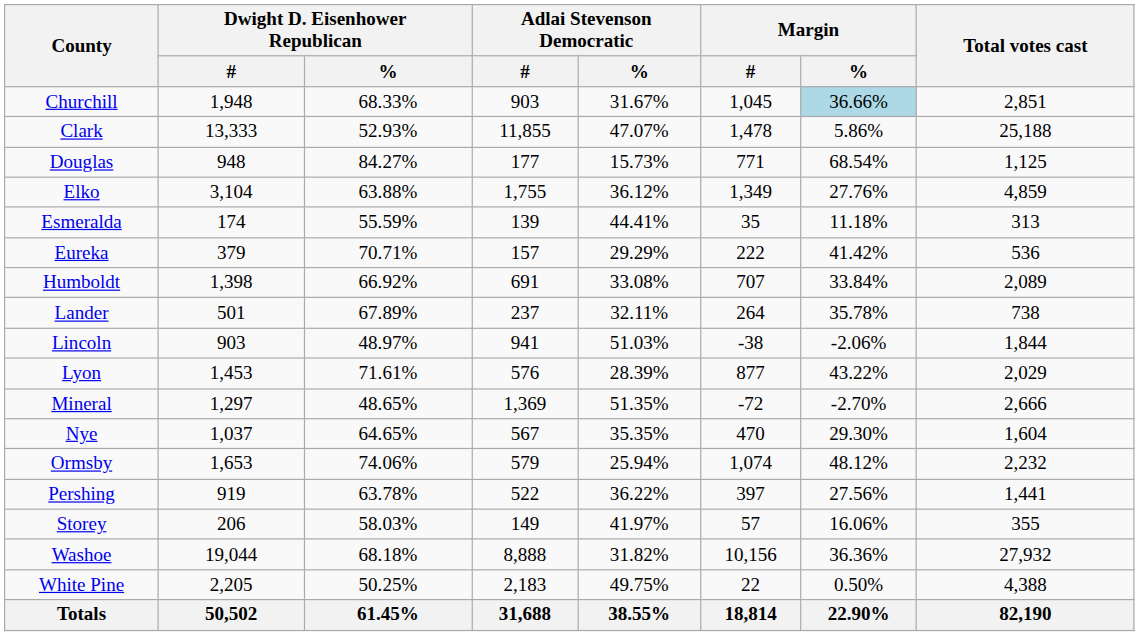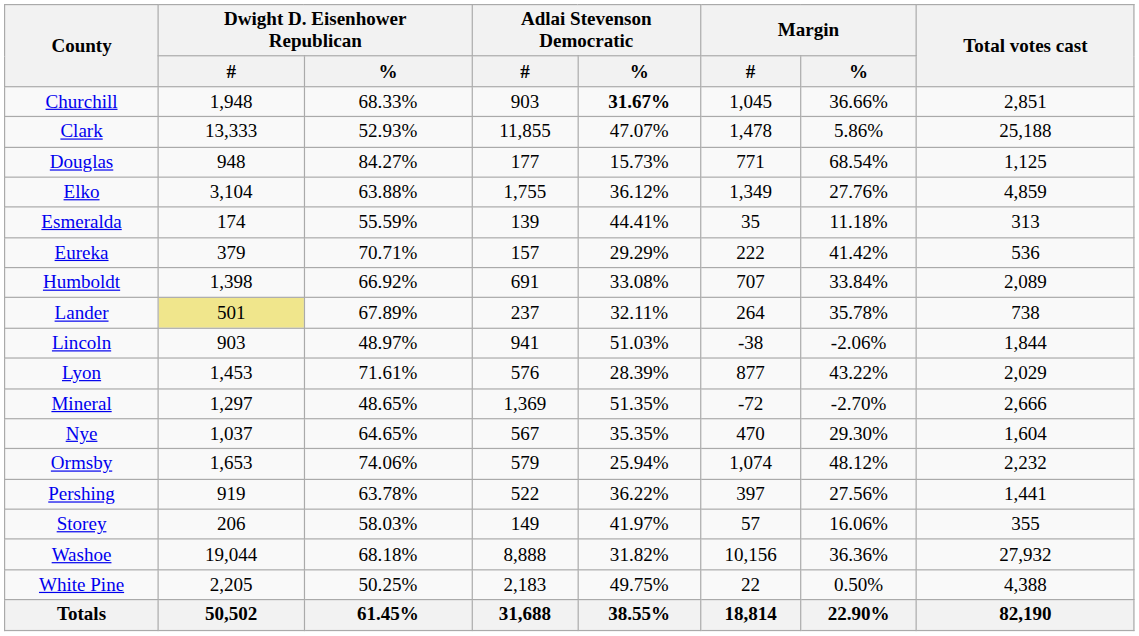 <table width="60%" class="wikitable sortable" style="text-align:center">
 <tr>
 <th style="text-align:center;" rowspan="2">County</th>
 <th colspan="2" style="text-align:center;">Dwight D. Eisenhower<br>Republican</th>
 <th colspan="2" style="text-align:center;">Adlai Stevenson<br>Democratic</th>
 <th style="text-align:center;" colspan="2">Margin</th>
 <th rowspan="2" style="text-align:center;">Total votes cast</th>
 </tr>
 <tr>
 <th style="text-align:center;" data-sort-type="number">#</th>
 <th style="text-align:center;" data-sort-type="number">%</th>
 <th style="text-align:center;" data-sort-type="number">#</th>
 <th style="text-align:center;" data-sort-type="number">%</th>
 <th style="text-align:center;" data-sort-type="number">#</th>
 <th style="text-align:center;" data-sort-type="number">%</th>
 </tr>
 <tr style="text-align:center;">
 <td><a href='#'>Churchill</a></td>
 <td>1,948</td>
 <td>68.33%</td>
 <td>903</td>
-<td>31.67%</td>
+<td><strong>31.67%</strong></td>
 <td>1,045</td>
-<td style="background: lightblue;">36.66%</td>
+<td>36.66%</td>
 <td>2,851</td>
 </tr>
 <tr style="text-align:center;">
 <td><a href='#'>Clark</a></td>
 <td>13,333</td>
 <td>52.93%</td>
 <td>11,855</td>
 <td>47.07%</td>
 <td>1,478</td>
 <td>5.86%</td>
 <td>25,188</td>
 </tr>
 <tr style="text-align:center;">
 <td><a href='#'>Douglas</a></td>
 <td>948</td>
 <td>84.27%</td>
 <td>177</td>
 <td>15.73%</td>
 <td>771</td>
 <td>68.54%</td>
 <td>1,125</td>
 </tr>
 <tr style="text-align:center;">
 <td><a href='#'>Elko</a></td>
 <td>3,104</td>
 <td>63.88%</td>
 <td>1,755</td>
 <td>36.12%</td>
 <td>1,349</td>
 <td>27.76%</td>
 <td>4,859</td>
 </tr>
 <tr style="text-align:center;">
 <td><a href='#'>Esmeralda</a></td>
 <td>174</td>
 <td>55.59%</td>
 <td>139</td>
 <td>44.41%</td>
 <td>35</td>
 <td>11.18%</td>
 <td>313</td>
 </tr>
 <tr style="text-align:center;">
 <td><a href='#'>Eureka</a></td>
 <td>379</td>
 <td>70.71%</td>
 <td>157</td>
 <td>29.29%</td>
 <td>222</td>
 <td>41.42%</td>
 <td>536</td>
 </tr>
 <tr style="text-align:center;">
 <td><a href='#'>Humboldt</a></td>
 <td>1,398</td>
 <td>66.92%</td>
 <td>691</td>
 <td>33.08%</td>
 <td>707</td>
 <td>33.84%</td>
 <td>2,089</td>
 </tr>
 <tr style="text-align:center;">
 <td><a href='#'>Lander</a></td>
-<td>501</td>
+<td style="background: khaki;">501</td>
 <td>67.89%</td>
 <td>237</td>
 <td>32.11%</td>
 <td>264</td>
 <td>35.78%</td>
 <td>738</td>
 </tr>
 <tr style="text-align:center;">
 <td><a href='#'>Lincoln</a></td>
 <td>903</td>
 <td>48.97%</td>
 <td>941</td>
 <td>51.03%</td>
 <td>-38</td>
 <td>-2.06%</td>
 <td>1,844</td>
 </tr>
 <tr style="text-align:center;">
 <td><a href='#'>Lyon</a></td>
 <td>1,453</td>
 <td>71.61%</td>
 <td>576</td>
 <td>28.39%</td>
 <td>877</td>
 <td>43.22%</td>
 <td>2,029</td>
 </tr>
 <tr style="text-align:center;">
 <td><a href='#'>Mineral</a></td>
 <td>1,297</td>
 <td>48.65%</td>
 <td>1,369</td>
 <td>51.35%</td>
 <td>-72</td>
 <td>-2.70%</td>
 <td>2,666</td>
 </tr>
 <tr style="text-align:center;">
 <td><a href='#'>Nye</a></td>
 <td>1,037</td>
 <td>64.65%</td>
 <td>567</td>
 <td>35.35%</td>
 <td>470</td>
 <td>29.30%</td>
 <td>1,604</td>
 </tr>
 <tr style="text-align:center;">
 <td><a href='#'>Ormsby</a></td>
 <td>1,653</td>
 <td>74.06%</td>
 <td>579</td>
 <td>25.94%</td>
 <td>1,074</td>
 <td>48.12%</td>
 <td>2,232</td>
 </tr>
 <tr style="text-align:center;">
 <td><a href='#'>Pershing</a></td>
 <td>919</td>
 <td>63.78%</td>
 <td>522</td>
 <td>36.22%</td>
 <td>397</td>
 <td>27.56%</td>
 <td>1,441</td>
 </tr>
 <tr style="text-align:center;">
 <td><a href='#'>Storey</a></td>
 <td>206</td>
 <td>58.03%</td>
 <td>149</td>
 <td>41.97%</td>
 <td>57</td>
 <td>16.06%</td>
 <td>355</td>
 </tr>
 <tr style="text-align:center;">
 <td><a href='#'>Washoe</a></td>
 <td>19,044</td>
 <td>68.18%</td>
 <td>8,888</td>
 <td>31.82%</td>
 <td>10,156</td>
 <td>36.36%</td>
 <td>27,932</td>
 </tr>
 <tr style="text-align:center;">
 <td><a href='#'>White Pine</a></td>
 <td>2,205</td>
 <td>50.25%</td>
 <td>2,183</td>
 <td>49.75%</td>
 <td>22</td>
 <td>0.50%</td>
 <td>4,388</td>
 </tr>
 <tr style="text-align:center;">
 <th>Totals</th>
 <th>50,502</th>
 <th>61.45%</th>
 <th>31,688</th>
 <th>38.55%</th>
 <th>18,814</th>
 <th>22.90%</th>
 <th>82,190</th>
 </tr>
 </table>
